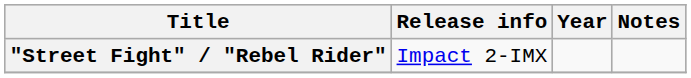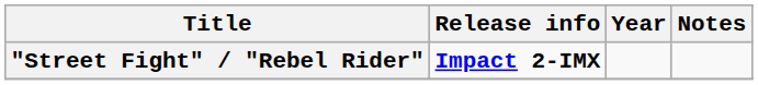 <table class="wikitable plainrowheaders sortable">
 <tr>
 <th scope="col">Title</th>
 <th scope="col">Release info</th>
 <th scope="col">Year</th>
 <th scope="col" class="unsortable">Notes</th>
 </tr>
 <tr>
 <th scope="row">"Street Fight" / "Rebel Rider"</th>
-<td><a href='#'>Impact</a> 2-IMX</td>
+<td><strong><a href='#'>Impact</a> 2-IMX</strong></td>
 <td></td>
 <td></td>
 </tr>
 <tr>
 </tr>
 </table>
